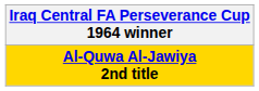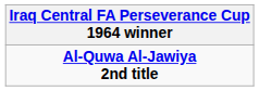 <table class="wikitable" style="text-align: center; margin: 0 auto;">
 <tr>
 <th><a href='#'>Iraq Central FA Perseverance Cup</a><br>1964 winner</th>
 </tr>
 <tr>
-<td style="background: gold;"><strong><a href='#'>Al-Quwa Al-Jawiya</a></strong><br><strong>2nd title</strong></td>
+<td><strong><a href='#'>Al-Quwa Al-Jawiya</a></strong><br><strong>2nd title</strong></td>
 </tr>
 </table>
